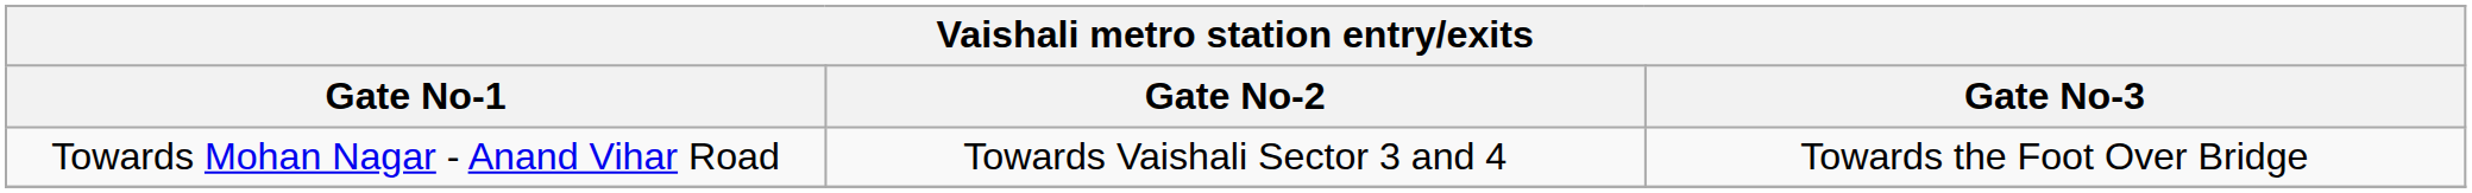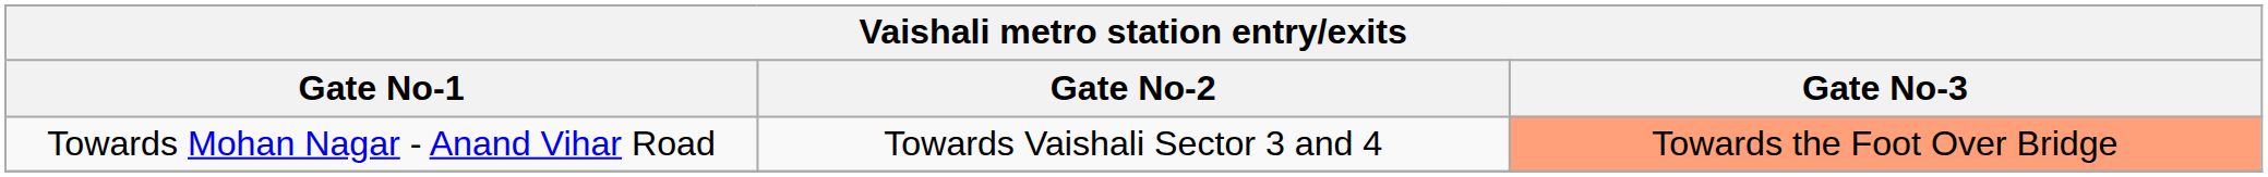 <table class="wikitable" style="text-align: center;" width="65%">
 <tr>
 <th align="center" colspan="5" style="background:#"><span>Vaishali metro station entry/exits</span></th>
 </tr>
 <tr>
 <th style="width:15%;">Gate No-1</th>
 <th style="width:15%;">Gate No-2</th>
 <th style="width:15%;">Gate No-3</th>
 </tr>
 <tr>
 <td>Towards <a href='#'>Mohan Nagar</a> - <a href='#'>Anand Vihar</a> Road</td>
 <td>Towards Vaishali Sector 3 and 4</td>
-<td>Towards the Foot Over Bridge</td>
+<td style="background: lightsalmon;">Towards the Foot Over Bridge</td>
 </tr>
 <tr>
 </tr>
 </table>
